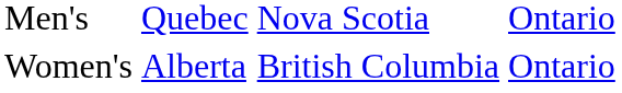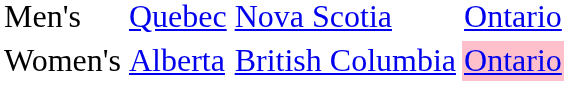 <table>
 <tr>
 <td>Men's</td>
 <td> <a href='#'>Quebec</a></td>
 <td> <a href='#'>Nova Scotia</a></td>
 <td> <a href='#'>Ontario</a></td>
 </tr>
 <tr>
 <td>Women's</td>
 <td> <a href='#'>Alberta</a></td>
 <td> <a href='#'>British Columbia</a></td>
-<td> <a href='#'>Ontario</a></td>
+<td style="background: pink;"> <a href='#'>Ontario</a></td>
 </tr>
 </table>
